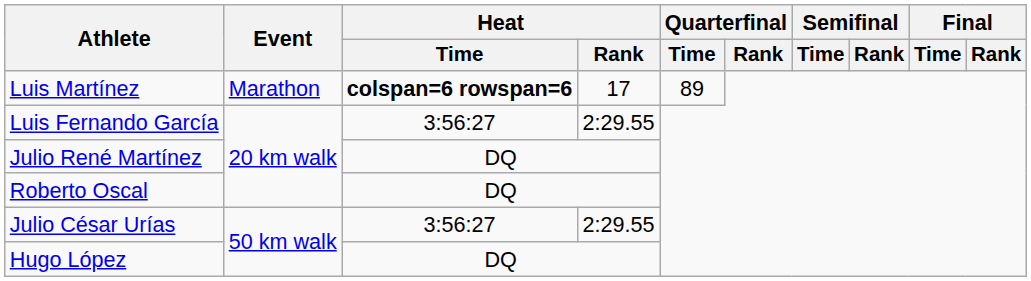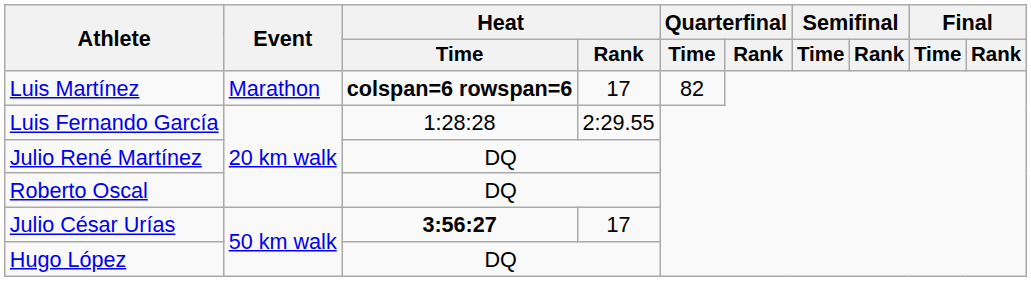 <table class=wikitable style=font-size:90%;text-align:center>
 <tr>
 <th rowspan=2>Athlete</th>
 <th rowspan=2>Event</th>
 <th colspan=2>Heat</th>
 <th colspan=2>Quarterfinal</th>
 <th colspan=2>Semifinal</th>
 <th colspan=2>Final</th>
 </tr>
 <tr style=font-size:95%>
 <th>Time</th>
 <th>Rank</th>
 <th>Time</th>
 <th>Rank</th>
 <th>Time</th>
 <th>Rank</th>
 <th>Time</th>
 <th>Rank</th>
 </tr>
 <tr>
 <td align=left><a href='#'>Luis Martínez</a></td>
 <td align=left><a href='#'>Marathon</a></td>
 <td><strong>colspan=6 rowspan=6 </strong></td>
 <td>17</td>
-<td>89</td>
+<td>82</td>
 </tr>
 <tr>
 <td align=left><a href='#'>Luis Fernando García</a></td>
 <td align=left rowspan=3><a href='#'>20 km walk</a></td>
-<td>3:56:27</td>
+<td>1:28:28</td>
 <td>2:29.55</td>
 </tr>
 <tr>
 <td align=left><a href='#'>Julio René Martínez</a></td>
 <td colspan=2>DQ</td>
 </tr>
 <tr>
 <td align=left><a href='#'>Roberto Oscal</a></td>
 <td colspan=2>DQ</td>
 </tr>
 <tr>
 <td align=left><a href='#'>Julio César Urías</a></td>
 <td align=left rowspan=2><a href='#'>50 km walk</a></td>
-<td>3:56:27</td>
-<td>2:29.55</td>
+<td><strong>3:56:27</strong></td>
+<td>17</td>
 </tr>
 <tr>
 <td align=left><a href='#'>Hugo López</a></td>
 <td colspan=2>DQ</td>
 </tr>
 </table>
